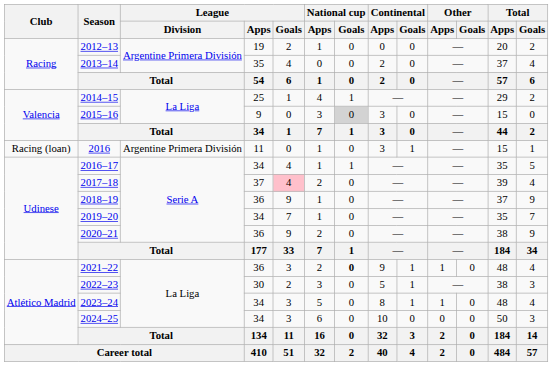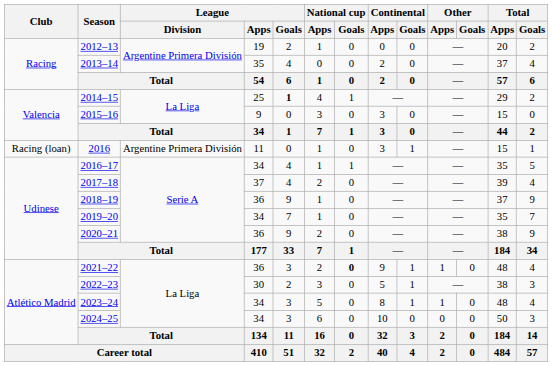 <table class="wikitable" style="text-align:center">
 <tr>
 <th rowspan="2">Club</th>
 <th rowspan="2">Season</th>
 <th colspan="3">League</th>
 <th colspan="2">National cup</th>
 <th colspan="2">Continental</th>
 <th colspan="2">Other</th>
 <th colspan="2">Total</th>
 </tr>
 <tr>
 <th>Division</th>
 <th>Apps</th>
 <th>Goals</th>
 <th>Apps</th>
 <th>Goals</th>
 <th>Apps</th>
 <th>Goals</th>
 <th>Apps</th>
 <th>Goals</th>
 <th>Apps</th>
 <th>Goals</th>
 </tr>
 <tr>
 <td rowspan="3"><a href='#'>Racing</a></td>
 <td><a href='#'>2012–13</a></td>
 <td rowspan="2"><a href='#'>Argentine Primera División</a></td>
 <td>19</td>
 <td>2</td>
 <td>1</td>
 <td>0</td>
 <td>0</td>
 <td>0</td>
 <td colspan="2">—</td>
 <td>20</td>
 <td>2</td>
 </tr>
 <tr>
 <td><a href='#'>2013–14</a></td>
 <td>35</td>
 <td>4</td>
 <td>0</td>
 <td>0</td>
 <td>2</td>
 <td>0</td>
 <td colspan="2">—</td>
 <td>37</td>
 <td>4</td>
 </tr>
 <tr>
 <th colspan="2">Total</th>
 <th>54</th>
 <th>6</th>
 <th>1</th>
 <th>0</th>
 <th>2</th>
 <th>0</th>
 <th colspan="2">—</th>
 <th>57</th>
 <th>6</th>
 </tr>
 <tr>
 <td rowspan="3"><a href='#'>Valencia</a></td>
 <td><a href='#'>2014–15</a></td>
 <td rowspan="2"><a href='#'>La Liga</a></td>
 <td>25</td>
-<td>1</td>
+<td><strong>1</strong></td>
 <td>4</td>
 <td>1</td>
 <td colspan="2">—</td>
 <td colspan="2">—</td>
 <td>29</td>
 <td>2</td>
 </tr>
 <tr>
 <td><a href='#'>2015–16</a></td>
 <td>9</td>
 <td>0</td>
 <td>3</td>
-<td style="background: lightgrey;">0</td>
+<td>0</td>
 <td>3</td>
 <td>0</td>
 <td colspan="2">—</td>
 <td>15</td>
 <td>0</td>
 </tr>
 <tr>
 <th colspan="2">Total</th>
 <th>34</th>
 <th>1</th>
 <th>7</th>
 <th>1</th>
 <th>3</th>
 <th>0</th>
 <th colspan="2">—</th>
 <th>44</th>
 <th>2</th>
 </tr>
 <tr>
 <td>Racing (loan)</td>
 <td><a href='#'>2016</a></td>
 <td>Argentine Primera División</td>
 <td>11</td>
 <td>0</td>
 <td>1</td>
 <td>0</td>
 <td>3</td>
 <td>1</td>
 <td colspan="2">—</td>
 <td>15</td>
 <td>1</td>
 </tr>
 <tr>
 <td rowspan="6"><a href='#'>Udinese</a></td>
 <td><a href='#'>2016–17</a></td>
 <td rowspan="5"><a href='#'>Serie A</a></td>
 <td>34</td>
 <td>4</td>
 <td>1</td>
 <td>1</td>
 <td colspan="2">—</td>
 <td colspan="2">—</td>
 <td>35</td>
 <td>5</td>
 </tr>
 <tr>
 <td><a href='#'>2017–18</a></td>
 <td>37</td>
-<td style="background: pink;">4</td>
+<td>4</td>
 <td>2</td>
 <td>0</td>
 <td colspan="2">—</td>
 <td colspan="2">—</td>
 <td>39</td>
 <td>4</td>
 </tr>
 <tr>
 <td><a href='#'>2018–19</a></td>
 <td>36</td>
 <td>9</td>
 <td>1</td>
 <td>0</td>
 <td colspan="2">—</td>
 <td colspan="2">—</td>
 <td>37</td>
 <td>9</td>
 </tr>
 <tr>
 <td><a href='#'>2019–20</a></td>
 <td>34</td>
 <td>7</td>
 <td>1</td>
 <td>0</td>
 <td colspan="2">—</td>
 <td colspan="2">—</td>
 <td>35</td>
 <td>7</td>
 </tr>
 <tr>
 <td><a href='#'>2020–21</a></td>
 <td>36</td>
 <td>9</td>
 <td>2</td>
 <td>0</td>
 <td colspan="2">—</td>
 <td colspan="2">—</td>
 <td>38</td>
 <td>9</td>
 </tr>
 <tr>
 <th colspan="2">Total</th>
 <th>177</th>
 <th>33</th>
 <th>7</th>
 <th>1</th>
 <th colspan="2">—</th>
 <th colspan="2">—</th>
 <th>184</th>
 <th>34</th>
 </tr>
 <tr>
 <td rowspan="5"><a href='#'>Atlético Madrid</a></td>
 <td><a href='#'>2021–22</a></td>
 <td rowspan="4">La Liga</td>
 <td>36</td>
 <td>3</td>
 <td>2</td>
 <td><strong>0</strong></td>
 <td>9</td>
 <td>1</td>
 <td>1</td>
 <td>0</td>
 <td>48</td>
 <td>4</td>
 </tr>
 <tr>
 <td><a href='#'>2022–23</a></td>
 <td>30</td>
 <td>2</td>
 <td>3</td>
 <td>0</td>
 <td>5</td>
 <td>1</td>
 <td colspan="2">—</td>
 <td>38</td>
 <td>3</td>
 </tr>
 <tr>
 <td><a href='#'>2023–24</a></td>
 <td>34</td>
 <td>3</td>
 <td>5</td>
 <td>0</td>
 <td>8</td>
 <td>1</td>
 <td>1</td>
 <td>0</td>
 <td>48</td>
 <td>4</td>
 </tr>
 <tr>
 <td><a href='#'>2024–25</a></td>
 <td>34</td>
 <td>3</td>
 <td>6</td>
 <td>0</td>
 <td>10</td>
 <td>0</td>
 <td>0</td>
 <td>0</td>
 <td>50</td>
 <td>3</td>
 </tr>
 <tr>
 <th colspan="2">Total</th>
 <th>134</th>
 <th>11</th>
 <th>16</th>
 <th>0</th>
 <th>32</th>
 <th>3</th>
 <th>2</th>
 <th>0</th>
 <th>184</th>
 <th>14</th>
 </tr>
 <tr>
 <th colspan="3">Career total</th>
 <th>410</th>
 <th>51</th>
 <th>32</th>
 <th>2</th>
 <th>40</th>
 <th>4</th>
 <th>2</th>
 <th>0</th>
 <th>484</th>
 <th>57</th>
 </tr>
 </table>
